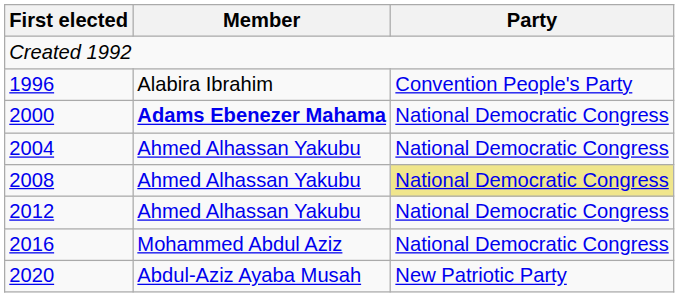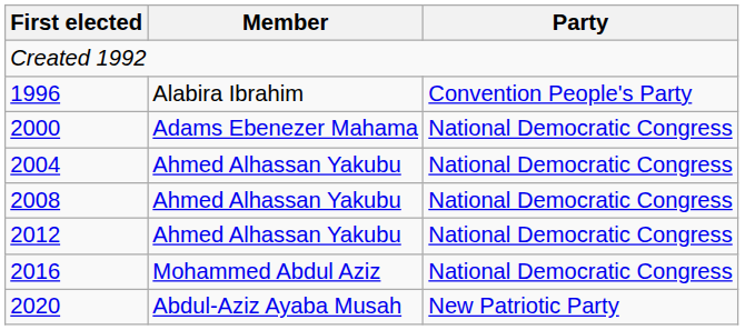 <table class="wikitable">
 <tr>
 <th>First elected</th>
 <th>Member</th>
 <th>Party</th>
 </tr>
 <tr>
 <td colspan=3><em>Created 1992</em></td>
 </tr>
 <tr>
 <td><a href='#'>1996</a></td>
 <td>Alabira Ibrahim</td>
 <td><a href='#'>Convention People's Party</a></td>
 </tr>
 <tr>
 <td><a href='#'>2000</a></td>
-<td><strong><a href='#'>Adams Ebenezer Mahama</a></strong></td>
+<td><a href='#'>Adams Ebenezer Mahama</a></td>
 <td><a href='#'>National Democratic Congress</a></td>
 </tr>
 <tr>
 <td><a href='#'>2004</a></td>
 <td><a href='#'>Ahmed Alhassan Yakubu</a></td>
 <td><a href='#'>National Democratic Congress</a></td>
 </tr>
 <tr>
 <td><a href='#'>2008</a></td>
 <td><a href='#'>Ahmed Alhassan Yakubu</a></td>
-<td style="background: khaki;"><a href='#'>National Democratic Congress</a></td>
+<td><a href='#'>National Democratic Congress</a></td>
 </tr>
 <tr>
 <td><a href='#'>2012</a></td>
 <td><a href='#'>Ahmed Alhassan Yakubu</a></td>
 <td><a href='#'>National Democratic Congress</a></td>
 </tr>
 <tr>
 <td><a href='#'>2016</a></td>
 <td><a href='#'>Mohammed Abdul Aziz</a></td>
 <td><a href='#'>National Democratic Congress</a></td>
 </tr>
 <tr>
 <td><a href='#'>2020</a></td>
 <td><a href='#'>Abdul-Aziz Ayaba Musah</a></td>
 <td><a href='#'>New Patriotic Party</a></td>
 </tr>
 </table>
